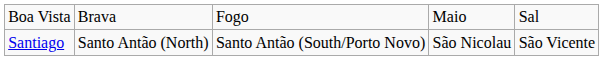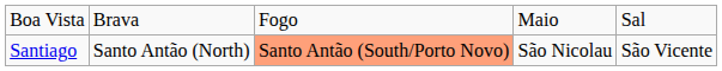 <table class="wikitable">
 <tr>
 <td>Boa Vista</td>
 <td>Brava</td>
 <td>Fogo</td>
 <td>Maio</td>
 <td>Sal</td>
 </tr>
 <tr>
 <td><a href='#'>Santiago</a></td>
 <td>Santo Antão (North)</td>
-<td>Santo Antão (South/Porto Novo)</td>
+<td style="background: lightsalmon;">Santo Antão (South/Porto Novo)</td>
 <td>São Nicolau</td>
 <td>São Vicente</td>
 </tr>
 </table>
